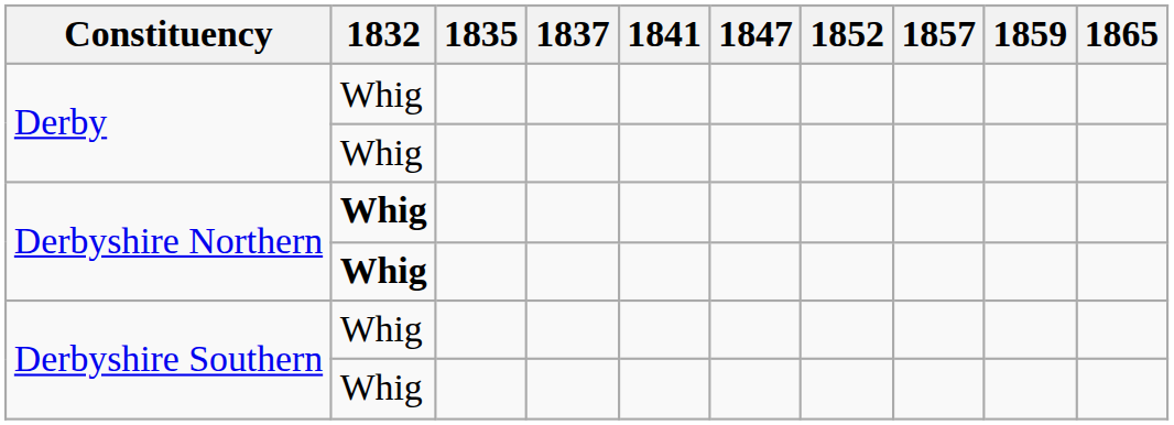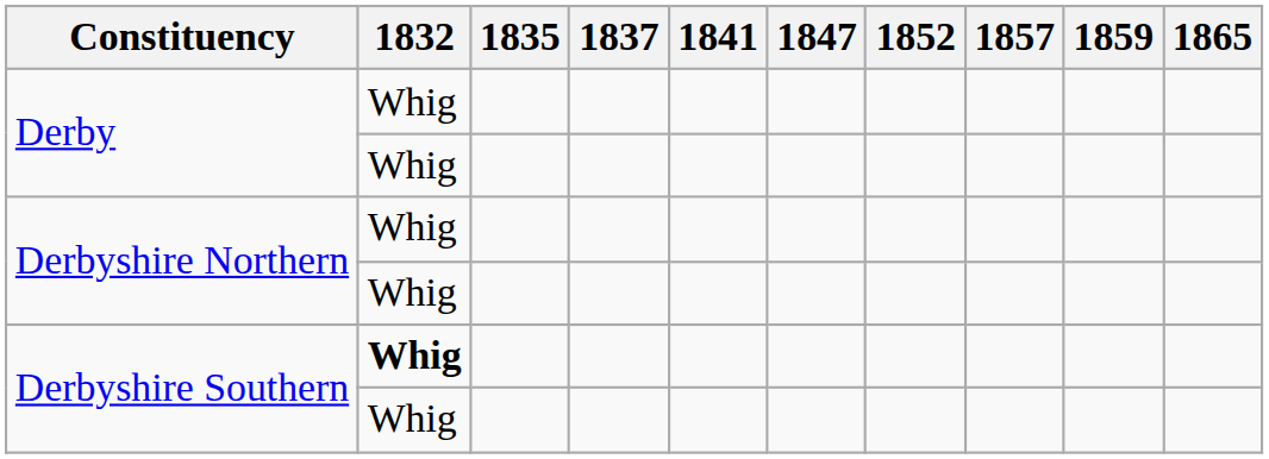 <table class=wikitable sortable>
 <tr>
 <th>Constituency</th>
 <th>1832</th>
 <th>1835</th>
 <th>1837</th>
 <th>1841</th>
 <th>1847</th>
 <th>1852</th>
 <th>1857</th>
 <th>1859</th>
 <th>1865</th>
 </tr>
 <tr>
 <td rowspan=2><a href='#'>Derby</a></td>
 <td bgcolor=>Whig</td>
 <td></td>
 <td></td>
 <td></td>
 <td></td>
 <td></td>
 <td></td>
 <td></td>
 <td></td>
 </tr>
 <tr>
 <td bgcolor=>Whig</td>
 <td></td>
 <td></td>
 <td></td>
 <td></td>
 <td></td>
 <td></td>
 <td></td>
 <td></td>
 </tr>
 <tr>
 <td rowspan=2><a href='#'>Derbyshire Northern</a></td>
-<td bgcolor=><strong>Whig</strong></td>
-<td></td>
-<td></td>
-<td></td>
-<td></td>
-<td></td>
-<td></td>
-<td></td>
-<td></td>
-</tr>
-<tr>
-<td bgcolor=><strong>Whig</strong></td>
-<td></td>
-<td></td>
-<td></td>
-<td></td>
-<td></td>
-<td></td>
-<td></td>
-<td></td>
-</tr>
-<tr>
-<td rowspan=2><a href='#'>Derbyshire Southern</a></td>
 <td bgcolor=>Whig</td>
 <td></td>
 <td></td>
 <td></td>
 <td></td>
 <td></td>
 <td></td>
 <td></td>
 <td></td>
 </tr>
 <tr>
 <td bgcolor=>Whig</td>
 <td></td>
 <td></td>
 <td></td>
 <td></td>
 <td></td>
 <td></td>
 <td></td>
 <td></td>
 </tr>
+<tr>
+<td rowspan=2><a href='#'>Derbyshire Southern</a></td>
+<td bgcolor=><strong>Whig</strong></td>
+<td></td>
+<td></td>
+<td></td>
+<td></td>
+<td></td>
+<td></td>
+<td></td>
+<td></td>
+</tr>
+<tr>
+<td bgcolor=>Whig</td>
+<td></td>
+<td></td>
+<td></td>
+<td></td>
+<td></td>
+<td></td>
+<td></td>
+<td></td>
+</tr>
 </table>
